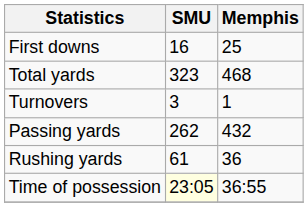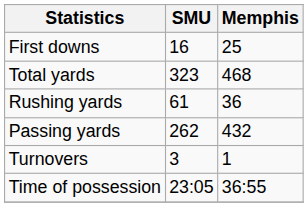 <table class="wikitable">
 <tr>
 <th>Statistics</th>
 <th>SMU</th>
 <th>Memphis</th>
 </tr>
 <tr>
 <td>First downs</td>
 <td>16</td>
 <td>25</td>
 </tr>
 <tr>
 <td>Total yards</td>
 <td>323</td>
 <td>468</td>
 </tr>
 <tr>
-<td>Turnovers</td>
-<td>3</td>
-<td>1</td>
+<td>Rushing yards</td>
+<td>61</td>
+<td>36</td>
 </tr>
 <tr>
 <td>Passing yards</td>
 <td>262</td>
 <td>432</td>
 </tr>
 <tr>
-<td>Rushing yards</td>
-<td>61</td>
-<td>36</td>
+<td>Turnovers</td>
+<td>3</td>
+<td>1</td>
 </tr>
 <tr>
 <td>Time of possession</td>
-<td style="background: lightyellow;">23:05</td>
+<td>23:05</td>
 <td>36:55</td>
 </tr>
 <tr>
 </tr>
 </table>
